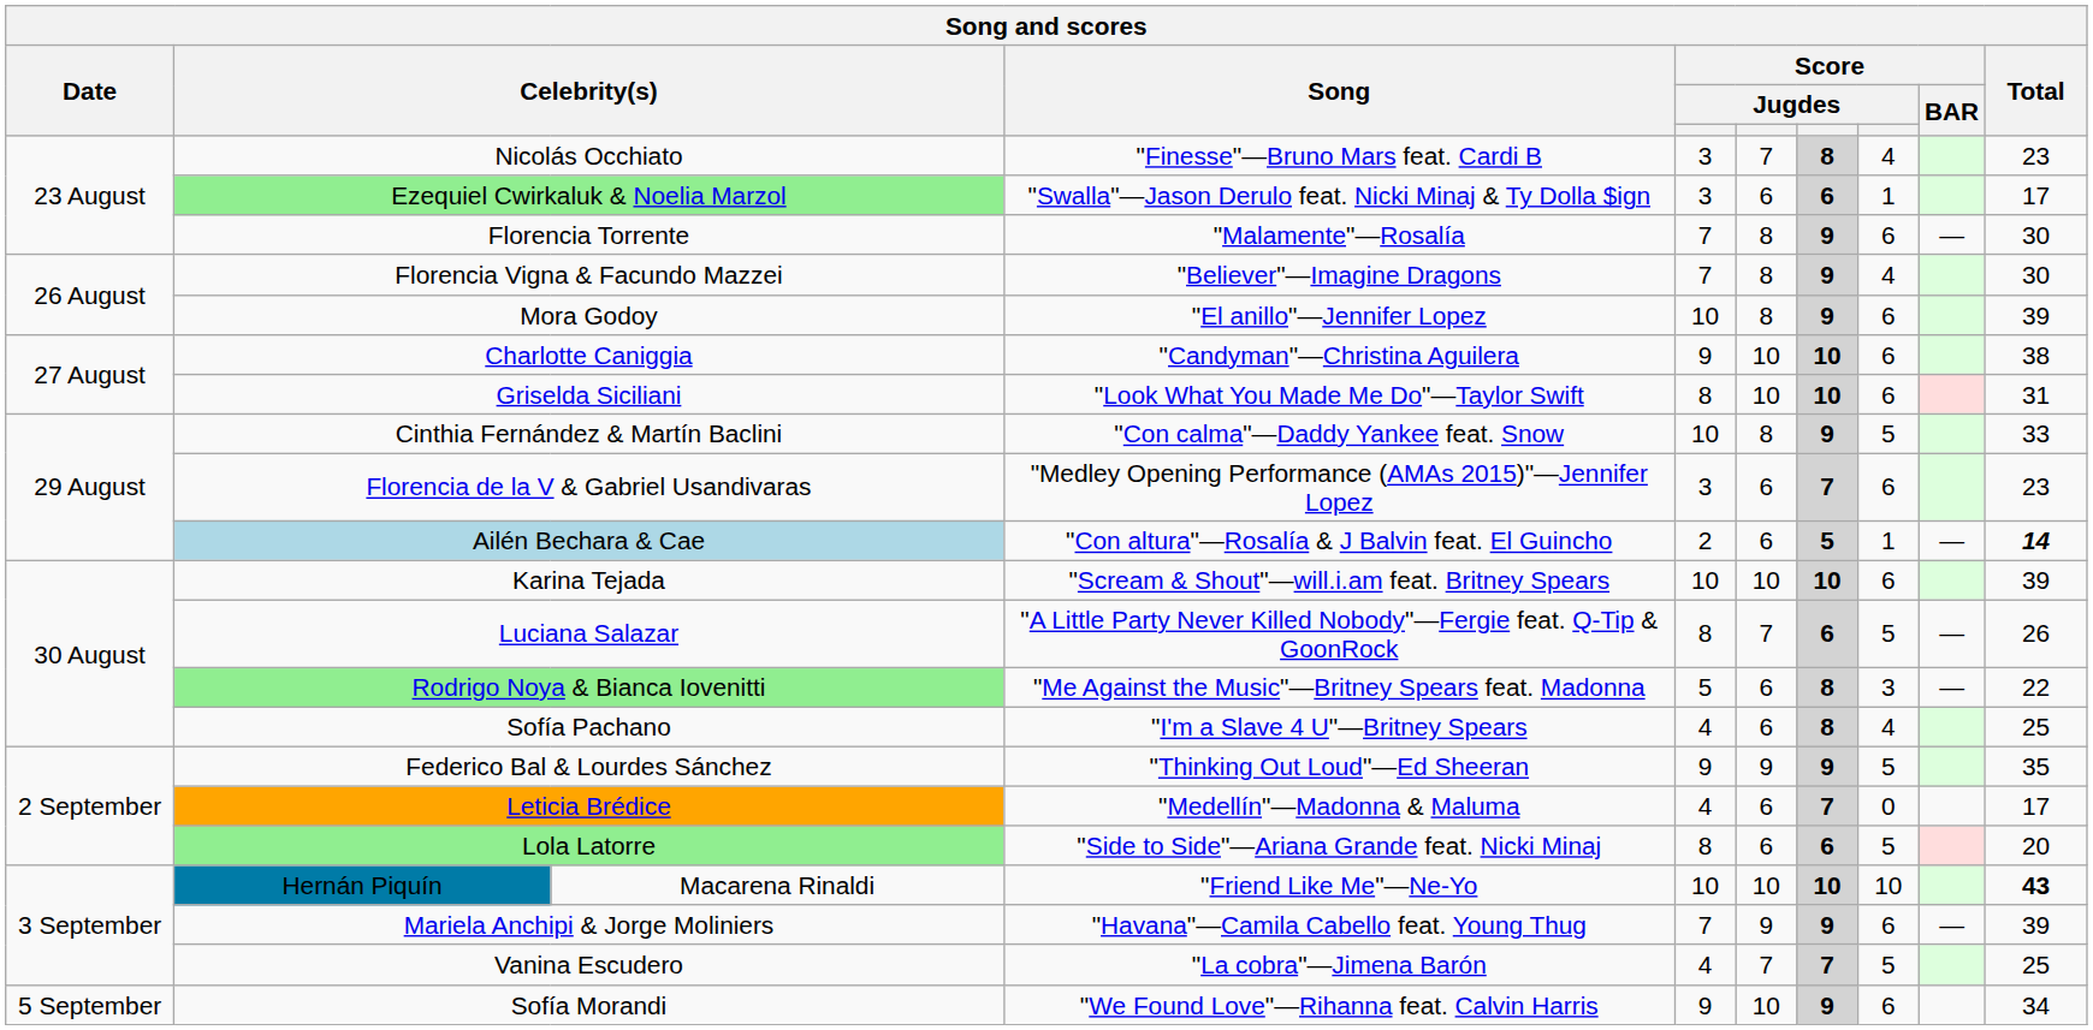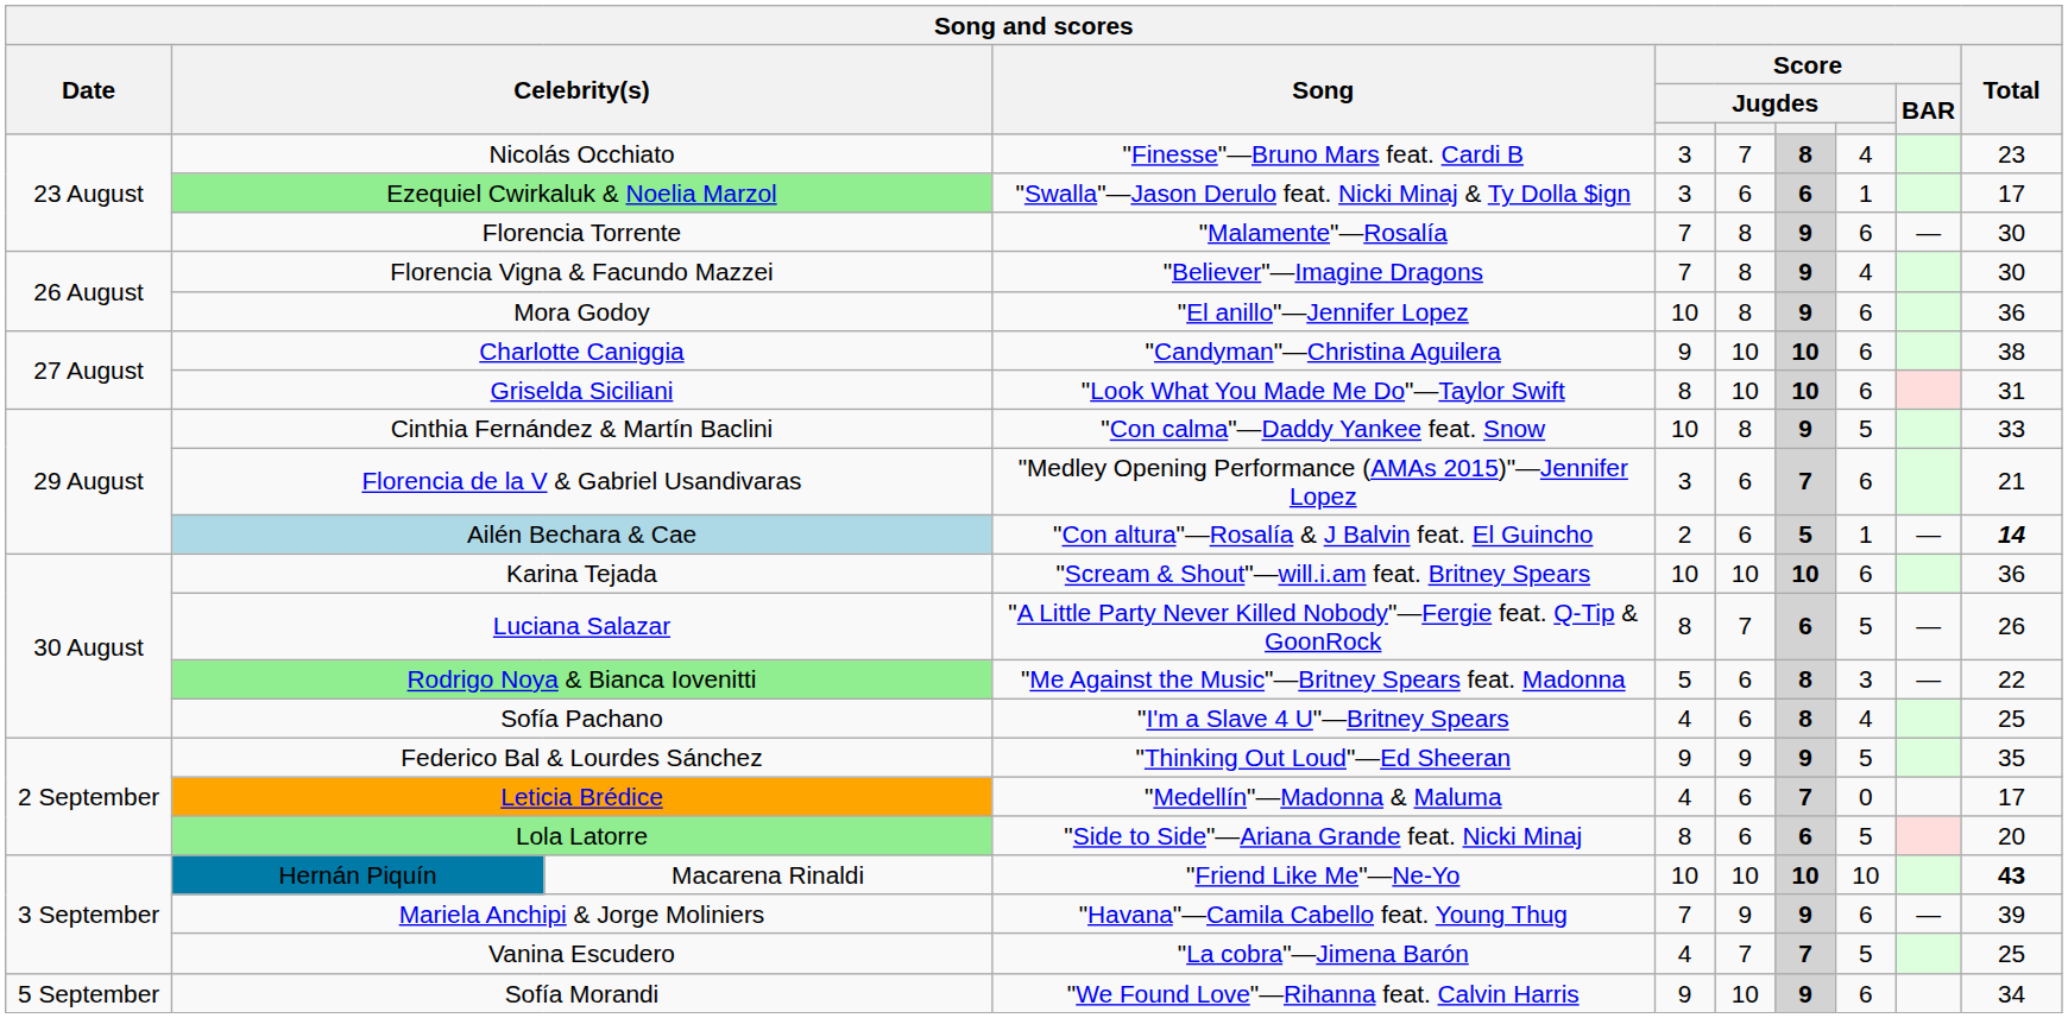 <table class="wikitable collapsible collapsed" style="font-size:95%; text-align: center; width: 100%;">
 <tr>
 <th colspan="11" style="with: 100%;" align=center>Song and scores</th>
 </tr>
 <tr>
 <th rowspan="3" width=95>Date</th>
 <th rowspan="3" colspan="2" width=190>Celebrity(s)</th>
 <th rowspan="3" width=400>Song</th>
 <th colspan="5">Score</th>
 <th rowspan="3" width=55>Total</th>
 </tr>
 <tr>
 <th colspan="4">Jugdes</th>
 <th rowspan="2" width=30>BAR<br></th>
 </tr>
 <tr>
 <th width=30></th>
 <th width=30></th>
 <th width=30></th>
 <th width=30></th>
 </tr>
 <tr>
 <td rowspan="3">23 August</td>
 <td bgcolor="" colspan="2">Nicolás Occhiato</td>
 <td>"<a href='#'>Finesse</a>"—<a href='#'>Bruno Mars</a> feat. <a href='#'>Cardi B</a></td>
 <td>3</td>
 <td>7</td>
 <td bgcolor="lightgrey"><strong>8</strong></td>
 <td>4</td>
 <td bgcolor="#ddffdd"></td>
 <td>23</td>
 </tr>
 <tr>
 <td bgcolor="lightgreen" colspan="2">Ezequiel Cwirkaluk & <a href='#'>Noelia Marzol</a></td>
 <td>"<a href='#'>Swalla</a>"—<a href='#'>Jason Derulo</a> feat. <a href='#'>Nicki Minaj</a> & <a href='#'>Ty Dolla $ign</a></td>
 <td>3</td>
 <td>6</td>
 <td bgcolor="lightgrey"><strong>6</strong></td>
 <td>1</td>
 <td bgcolor="#ddffdd"></td>
 <td>17</td>
 </tr>
 <tr>
 <td bgcolor="" colspan="2">Florencia Torrente</td>
 <td>"<a href='#'>Malamente</a>"—<a href='#'>Rosalía</a></td>
 <td>7</td>
 <td>8</td>
 <td bgcolor="lightgrey"><strong>9</strong></td>
 <td>6</td>
 <td>—</td>
 <td>30</td>
 </tr>
 <tr>
 <td rowspan="2">26 August</td>
 <td bgcolor="" colspan="2">Florencia Vigna & Facundo Mazzei</td>
 <td>"<a href='#'>Believer</a>"—<a href='#'>Imagine Dragons</a></td>
 <td>7</td>
 <td>8</td>
 <td bgcolor="lightgrey"><strong>9</strong></td>
 <td>4</td>
 <td bgcolor="#ddffdd"></td>
 <td>30</td>
 </tr>
 <tr>
 <td bgcolor="" colspan="2">Mora Godoy</td>
 <td>"<a href='#'>El anillo</a>"—<a href='#'>Jennifer Lopez</a></td>
 <td>10</td>
 <td>8</td>
 <td bgcolor="lightgrey"><strong>9</strong></td>
 <td>6</td>
 <td bgcolor="#ddffdd"></td>
-<td>39</td>
+<td>36</td>
 </tr>
 <tr>
 <td rowspan="2">27 August</td>
 <td bgcolor="" colspan="2"><a href='#'>Charlotte Caniggia</a></td>
 <td>"<a href='#'>Candyman</a>"—<a href='#'>Christina Aguilera</a></td>
 <td>9</td>
 <td>10</td>
 <td bgcolor="lightgrey"><strong>10</strong></td>
 <td>6</td>
 <td bgcolor="#ddffdd"></td>
 <td>38</td>
 </tr>
 <tr>
 <td bgcolor="" colspan="2"><a href='#'>Griselda Siciliani</a></td>
 <td>"<a href='#'>Look What You Made Me Do</a>"—<a href='#'>Taylor Swift</a></td>
 <td>8</td>
 <td>10</td>
 <td bgcolor="lightgrey"><strong>10</strong></td>
 <td>6</td>
 <td bgcolor="#ffdddd"></td>
 <td>31</td>
 </tr>
 <tr>
 <td rowspan="3">29 August</td>
 <td bgcolor="" colspan="2">Cinthia Fernández & Martín Baclini</td>
 <td>"<a href='#'>Con calma</a>"—<a href='#'>Daddy Yankee</a> feat. <a href='#'>Snow</a></td>
 <td>10</td>
 <td>8</td>
 <td bgcolor="lightgrey"><strong>9</strong></td>
 <td>5</td>
 <td bgcolor="#ddffdd"></td>
 <td>33</td>
 </tr>
 <tr>
 <td bgcolor="" colspan="2"><a href='#'>Florencia de la V</a> & Gabriel Usandivaras</td>
 <td>"Medley Opening Performance (<a href='#'>AMAs 2015</a>)"—<a href='#'>Jennifer Lopez</a></td>
 <td>3</td>
 <td>6</td>
 <td bgcolor="lightgrey"><strong>7</strong></td>
 <td>6</td>
 <td bgcolor="#ddffdd"></td>
-<td>23</td>
+<td>21</td>
 </tr>
 <tr>
 <td bgcolor="lightblue" colspan="2">Ailén Bechara & Cae</td>
 <td>"<a href='#'>Con altura</a>"—<a href='#'>Rosalía</a> & <a href='#'>J Balvin</a> feat. <a href='#'>El Guincho</a></td>
 <td>2</td>
 <td>6</td>
 <td bgcolor="lightgrey"><strong>5</strong></td>
 <td>1</td>
 <td>—</td>
 <td><span><strong><em>14</em></strong></span></td>
 </tr>
 <tr>
 <td rowspan="4">30 August</td>
 <td bgcolor="" colspan="2">Karina Tejada</td>
 <td>"<a href='#'>Scream & Shout</a>"—<a href='#'>will.i.am</a> feat. <a href='#'>Britney Spears</a></td>
 <td>10</td>
 <td>10</td>
 <td bgcolor="lightgrey"><strong>10</strong></td>
 <td>6</td>
 <td bgcolor="#ddffdd"></td>
-<td>39</td>
+<td>36</td>
 </tr>
 <tr>
 <td bgcolor="" colspan="2"><a href='#'>Luciana Salazar</a></td>
 <td>"<a href='#'>A Little Party Never Killed Nobody</a>"—<a href='#'>Fergie</a> feat. <a href='#'>Q-Tip</a> & <a href='#'>GoonRock</a></td>
 <td>8</td>
 <td>7</td>
 <td bgcolor="lightgrey"><strong>6</strong></td>
 <td>5</td>
 <td>—</td>
 <td>26</td>
 </tr>
 <tr>
 <td bgcolor="lightgreen" colspan="2"><a href='#'>Rodrigo Noya</a> & Bianca Iovenitti</td>
 <td>"<a href='#'>Me Against the Music</a>"—<a href='#'>Britney Spears</a> feat. <a href='#'>Madonna</a></td>
 <td>5</td>
 <td>6</td>
 <td bgcolor="lightgrey"><strong>8</strong></td>
 <td>3</td>
 <td>—</td>
 <td>22</td>
 </tr>
 <tr>
 <td bgcolor="" colspan="2">Sofía Pachano</td>
 <td>"<a href='#'>I'm a Slave 4 U</a>"—<a href='#'>Britney Spears</a></td>
 <td>4</td>
 <td>6</td>
 <td bgcolor="lightgrey"><strong>8</strong></td>
 <td>4</td>
 <td bgcolor="#ddffdd"></td>
 <td>25</td>
 </tr>
 <tr>
 <td rowspan="3">2 September</td>
 <td bgcolor="" colspan="2">Federico Bal & Lourdes Sánchez</td>
 <td>"<a href='#'>Thinking Out Loud</a>"—<a href='#'>Ed Sheeran</a></td>
 <td>9</td>
 <td>9</td>
 <td bgcolor="lightgrey"><strong>9</strong></td>
 <td>5</td>
 <td bgcolor="#ddffdd"></td>
 <td>35</td>
 </tr>
 <tr>
 <td bgcolor="orange" colspan="2"><a href='#'>Leticia Brédice</a></td>
 <td>"<a href='#'>Medellín</a>"—<a href='#'>Madonna</a> & <a href='#'>Maluma</a></td>
 <td>4</td>
 <td>6</td>
 <td bgcolor="lightgrey"><strong>7</strong></td>
 <td>0</td>
 <td></td>
 <td>17</td>
 </tr>
 <tr>
 <td bgcolor="lightgreen" colspan="2">Lola Latorre</td>
 <td>"<a href='#'>Side to Side</a>"—<a href='#'>Ariana Grande</a> feat. <a href='#'>Nicki Minaj</a></td>
 <td>8</td>
 <td>6</td>
 <td bgcolor="lightgrey"><strong>6</strong></td>
 <td>5</td>
 <td bgcolor="#ffdddd"></td>
 <td>20</td>
 </tr>
 <tr>
 <td rowspan="3">3 September</td>
 <td bgcolor="#007BA7">Hernán Piquín</td>
 <td bgcolor="">Macarena Rinaldi</td>
 <td>"<a href='#'>Friend Like Me</a>"—<a href='#'>Ne-Yo</a></td>
 <td>10</td>
 <td>10</td>
 <td bgcolor="lightgrey"><strong>10</strong></td>
 <td>10</td>
 <td bgcolor="#ddffdd"></td>
 <td><span><strong>43</strong></span></td>
 </tr>
 <tr>
 <td bgcolor="" colspan="2"><a href='#'>Mariela Anchipi</a> & Jorge Moliniers</td>
 <td>"<a href='#'>Havana</a>"—<a href='#'>Camila Cabello</a> feat. <a href='#'>Young Thug</a></td>
 <td>7</td>
 <td>9</td>
 <td bgcolor="lightgrey"><strong>9</strong></td>
 <td>6</td>
 <td>—</td>
 <td>39</td>
 </tr>
 <tr>
 <td bgcolor="" colspan="2">Vanina Escudero</td>
 <td>"<a href='#'>La cobra</a>"—<a href='#'>Jimena Barón</a></td>
 <td>4</td>
 <td>7</td>
 <td bgcolor="lightgrey"><strong>7</strong></td>
 <td>5</td>
 <td bgcolor="#ddffdd"></td>
 <td>25</td>
 </tr>
 <tr>
 <td rowspan="1">5 September</td>
 <td bgcolor="" colspan="2">Sofía Morandi</td>
 <td>"<a href='#'>We Found Love</a>"—<a href='#'>Rihanna</a> feat. <a href='#'>Calvin Harris</a></td>
 <td>9</td>
 <td>10</td>
 <td bgcolor="lightgrey"><strong>9</strong></td>
 <td>6</td>
 <td></td>
 <td>34</td>
 </tr>
 </table>
